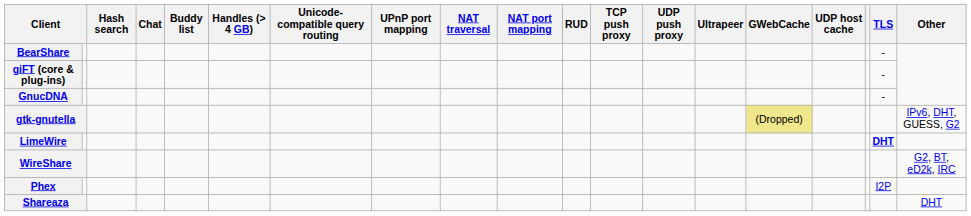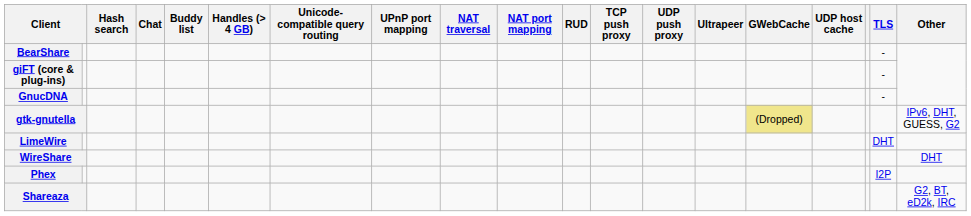 <table class="wikitable sortable plainrowheaders" style="font-size: 85%; text-align: center;">
 <tr>
 <th colspan=2>Client</th>
 <th>Hash search</th>
 <th>Chat</th>
 <th>Buddy list</th>
 <th>Handles  (> 4 <a href='#'>GB</a>)</th>
 <th>Unicode-compatible query routing</th>
 <th>UPnP port mapping</th>
 <th><a href='#'>NAT traversal</a></th>
 <th><a href='#'>NAT port mapping</a></th>
 <th>RUD</th>
 <th>TCP push proxy</th>
 <th>UDP push proxy</th>
 <th>Ultrapeer</th>
 <th>GWebCache</th>
 <th>UDP host cache</th>
 <th></th>
 <th><a href='#'>TLS</a></th>
 <th>Other</th>
 </tr>
 <tr>
 <th scope=row style="background:"><a href='#'>BearShare</a></th>
 <td></td>
 <td></td>
 <td></td>
 <td></td>
 <td></td>
 <td></td>
 <td></td>
 <td></td>
 <td></td>
 <td></td>
 <td></td>
 <td></td>
 <td></td>
 <td></td>
 <td></td>
 <td></td>
 <td>-</td>
 </tr>
 <tr>
 <th scope=row style="background:"><a href='#'>giFT</a> (core & plug-ins)</th>
 <td></td>
 <td></td>
 <td></td>
 <td></td>
 <td></td>
 <td></td>
 <td></td>
 <td></td>
 <td></td>
 <td> </td>
 <td></td>
 <td> </td>
 <td></td>
 <td></td>
 <td></td>
 <td></td>
 <td>-</td>
 </tr>
 <tr>
 <th scope=row style="background:"><a href='#'>GnucDNA</a> </th>
 <td></td>
 <td></td>
 <td></td>
 <td></td>
 <td></td>
 <td></td>
 <td></td>
 <td></td>
 <td></td>
 <td></td>
 <td></td>
 <td> </td>
 <td></td>
 <td></td>
 <td></td>
 <td></td>
 <td>-</td>
 </tr>
 <tr>
 <th scope=row colspan=2><a href='#'>gtk-gnutella</a></th>
 <td> </td>
 <td></td>
 <td></td>
 <td></td>
 <td></td>
 <td></td>
 <td></td>
 <td></td>
 <td> </td>
 <td></td>
 <td></td>
 <td></td>
 <td style="background: khaki;"> (Dropped)</td>
 <td></td>
 <td></td>
 <td></td>
 <td><a href='#'>IPv6</a>, <a href='#'>DHT</a>, GUESS, <a href='#'>G2</a></td>
 </tr>
 <tr>
 <th scope=row style="background:"><a href='#'>LimeWire</a></th>
 <td> </td>
 <td></td>
 <td></td>
 <td></td>
 <td></td>
 <td></td>
 <td> </td>
 <td> </td>
 <td></td>
 <td></td>
 <td></td>
 <td></td>
 <td></td>
 <td></td>
 <td></td>
 <td></td>
-<td><strong><a href='#'>DHT</a></strong></td>
+<td><a href='#'>DHT</a></td>
 </tr>
 <tr>
 <th scope=row colspan=2><a href='#'>WireShare</a></th>
 <td> </td>
 <td></td>
 <td></td>
 <td></td>
 <td></td>
 <td></td>
 <td> </td>
 <td> </td>
 <td></td>
 <td></td>
 <td></td>
 <td></td>
 <td></td>
 <td></td>
 <td></td>
 <td></td>
-<td><a href='#'>G2</a>, <a href='#'>BT</a>, <a href='#'>eD2k</a>, <a href='#'>IRC</a></td>
+<td><a href='#'>DHT</a></td>
 </tr>
 <tr>
 <th scope=row style="background:"><a href='#'>Phex</a></th>
 <td></td>
 <td></td>
 <td></td>
 <td></td>
 <td></td>
 <td></td>
 <td></td>
 <td></td>
 <td></td>
 <td></td>
 <td></td>
 <td></td>
 <td></td>
 <td></td>
 <td></td>
 <td></td>
 <td><a href='#'>I2P</a></td>
 </tr>
 <tr>
 <th scope=row colspan=2><a href='#'>Shareaza</a></th>
 <td></td>
 <td></td>
 <td></td>
 <td></td>
 <td></td>
 <td></td>
 <td></td>
 <td></td>
 <td></td>
 <td></td>
 <td></td>
 <td></td>
 <td></td>
 <td></td>
 <td></td>
 <td></td>
-<td><a href='#'>DHT</a></td>
+<td><a href='#'>G2</a>, <a href='#'>BT</a>, <a href='#'>eD2k</a>, <a href='#'>IRC</a></td>
 </tr>
 </table>
